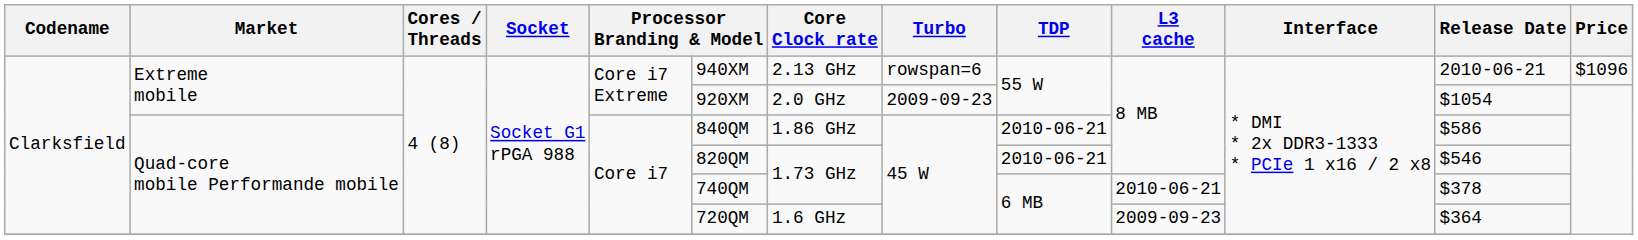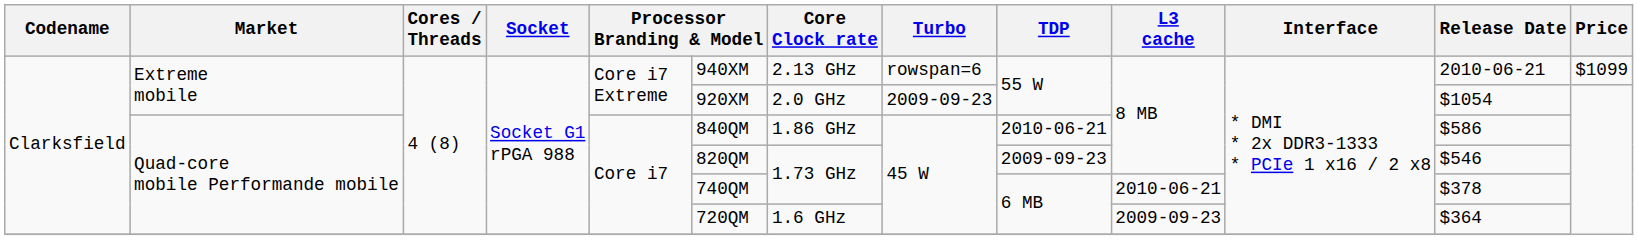 <table class="wikitable" style="font-size: 90%" border="1">
 <tr>
 <th>Codename</th>
 <th>Market</th>
 <th>Cores /<br>Threads</th>
 <th><a href='#'>Socket</a></th>
 <th colspan="2">Processor<br>Branding & Model</th>
 <th>Core<br><a href='#'>Clock rate</a></th>
 <th><a href='#'>Turbo</a></th>
 <th><a href='#'>TDP</a></th>
 <th><a href='#'>L3<br>cache</a></th>
 <th>Interface</th>
 <th>Release Date</th>
 <th>Price</th>
 </tr>
 <tr>
 <td rowspan="6">Clarksfield</td>
 <td rowspan="2">Extreme<br>mobile</td>
 <td rowspan="6">4 (8)</td>
 <td rowspan="6"><a href='#'>Socket G1</a><br>rPGA 988</td>
 <td rowspan="2">Core i7<br>Extreme</td>
 <td>940XM</td>
 <td>2.13 GHz</td>
 <td>rowspan=6 </td>
 <td rowspan="2">55 W</td>
 <td rowspan="4">8 MB</td>
 <td rowspan="6">* DMI<br>* 2x DDR3-1333<br>* <a href='#'>PCIe</a> 1 x16 / 2 x8</td>
 <td>2010-06-21</td>
-<td>$1096</td>
+<td>$1099</td>
 </tr>
 <tr>
 <td>920XM</td>
 <td>2.0 GHz</td>
 <td>2009-09-23</td>
 <td>$1054</td>
 </tr>
 <tr>
 <td rowspan="4">Quad-core<br>mobile Performande mobile</td>
 <td rowspan="4">Core i7</td>
 <td>840QM</td>
 <td>1.86 GHz</td>
 <td rowspan="4">45 W</td>
 <td>2010-06-21</td>
 <td>$586</td>
 </tr>
 <tr>
 <td>820QM</td>
 <td rowspan="2">1.73 GHz</td>
-<td>2010-06-21</td>
+<td>2009-09-23</td>
 <td>$546</td>
 </tr>
 <tr>
 <td>740QM</td>
 <td rowspan="2">6 MB</td>
 <td>2010-06-21</td>
 <td>$378</td>
 </tr>
 <tr>
 <td>720QM</td>
 <td>1.6 GHz</td>
 <td>2009-09-23</td>
 <td>$364</td>
 </tr>
 <tr>
 </tr>
 </table>
